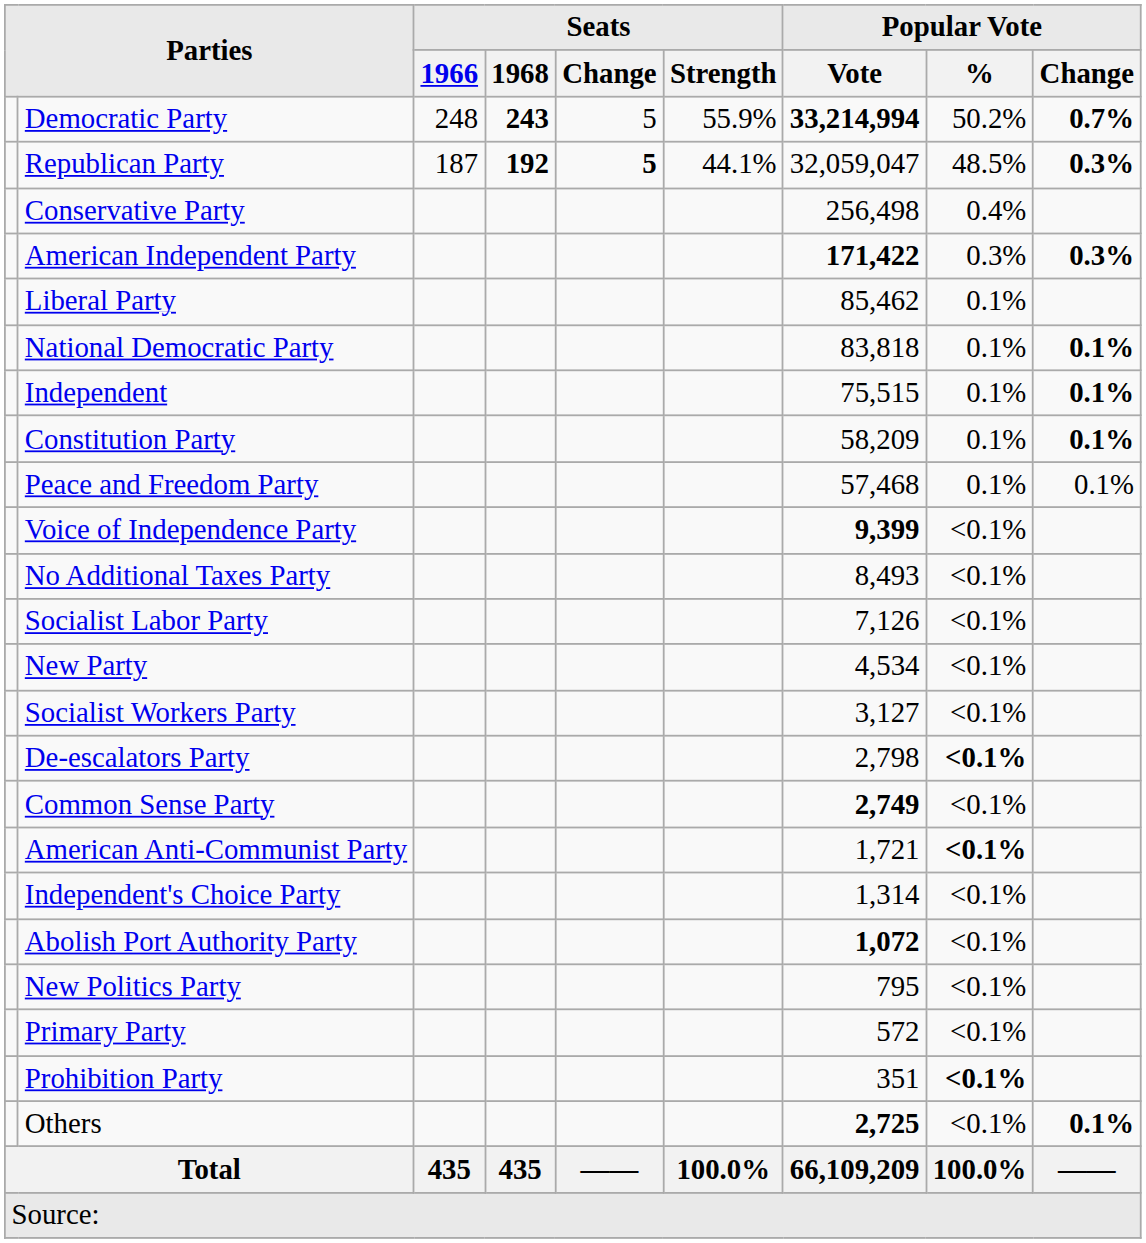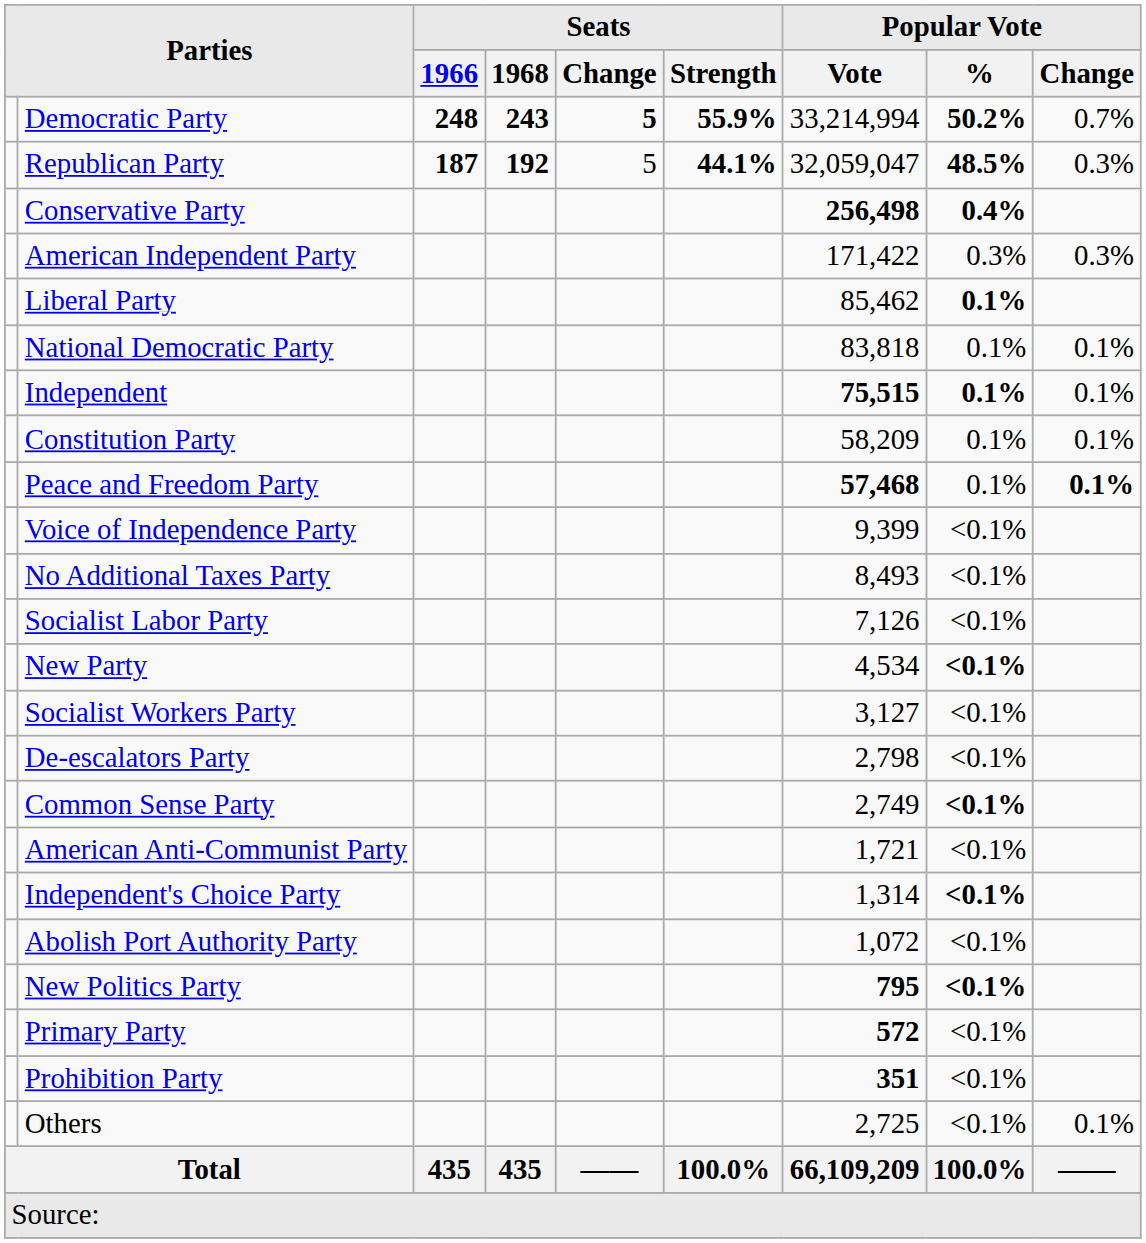 <table class=wikitable style=text-align:center">
 <tr>
 <th style="background-color:#E9E9E9" colspan=2 rowspan=2>Parties</th>
 <th style="background-color:#E9E9E9" colspan=4>Seats</th>
 <th style="background-color:#E9E9E9" colspan=3>Popular Vote</th>
 </tr>
 <tr>
 <th><a href='#'>1966</a></th>
 <th><strong>1968</strong></th>
 <th>Change</th>
 <th>Strength</th>
 <th>Vote</th>
 <th>%</th>
 <th>Change</th>
 </tr>
 <tr>
 <td></td>
 <td><a href='#'>Democratic Party</a></td>
-<td align=right>248</td>
+<td align=right><strong>248</strong></td>
 <td align=right><strong>243</strong></td>
-<td align=right> 5</td>
-<td align=right>55.9%</td>
-<td align=right><strong>33,214,994</strong></td>
-<td align=right>50.2%</td>
-<td align=right><strong> 0.7%</strong></td>
+<td align=right><strong> 5</strong></td>
+<td align=right><strong>55.9%</strong></td>
+<td align=right>33,214,994</td>
+<td align=right><strong>50.2%</strong></td>
+<td align=right> 0.7%</td>
 </tr>
 <tr>
 <td></td>
 <td><a href='#'>Republican Party</a></td>
-<td align=right>187</td>
+<td align=right><strong>187</strong></td>
 <td align=right><strong>192</strong></td>
-<td align=right><strong> 5</strong></td>
-<td align=right>44.1%</td>
+<td align=right> 5</td>
+<td align=right><strong>44.1%</strong></td>
 <td align=right>32,059,047</td>
-<td align=right>48.5%</td>
-<td align=right><strong> 0.3%</strong></td>
+<td align=right><strong>48.5%</strong></td>
+<td align=right> 0.3%</td>
 </tr>
 <tr>
 <td></td>
 <td><a href='#'>Conservative Party</a></td>
 <td align=right></td>
 <td align=right></td>
 <td align=right></td>
 <td align=right></td>
-<td align=right>256,498</td>
-<td align=right>0.4%</td>
+<td align=right><strong>256,498</strong></td>
+<td align=right><strong>0.4%</strong></td>
 <td align=right></td>
 </tr>
 <tr>
 <td></td>
 <td><a href='#'>American Independent Party</a></td>
 <td align=right></td>
 <td align=right></td>
 <td align=right></td>
 <td align=right></td>
-<td align=right><strong>171,422</strong></td>
+<td align=right>171,422</td>
 <td align=right>0.3%</td>
-<td align=right><strong> 0.3%</strong></td>
+<td align=right> 0.3%</td>
 </tr>
 <tr>
 <td></td>
 <td><a href='#'>Liberal Party</a></td>
 <td align=right></td>
 <td align=right></td>
 <td align=right></td>
 <td align=right></td>
 <td align=right>85,462</td>
-<td align=right>0.1%</td>
+<td align=right><strong>0.1%</strong></td>
 <td align=right></td>
 </tr>
 <tr>
 <td></td>
 <td><a href='#'>National Democratic Party</a></td>
 <td align=right></td>
 <td align=right></td>
 <td align=right></td>
 <td align=right></td>
 <td align=right>83,818</td>
 <td align=right>0.1%</td>
-<td align=right><strong> 0.1%</strong></td>
+<td align=right> 0.1%</td>
 </tr>
 <tr>
 <td></td>
 <td><a href='#'>Independent</a></td>
 <td align=right></td>
 <td align=right></td>
 <td align=right></td>
 <td align=right></td>
-<td align=right>75,515</td>
-<td align=right>0.1%</td>
-<td align=right><strong> 0.1%</strong></td>
+<td align=right><strong>75,515</strong></td>
+<td align=right><strong>0.1%</strong></td>
+<td align=right> 0.1%</td>
 </tr>
 <tr>
 <td></td>
 <td><a href='#'>Constitution Party</a></td>
 <td align=right></td>
 <td align=right></td>
 <td align=right></td>
 <td align=right></td>
 <td align=right>58,209</td>
 <td align=right>0.1%</td>
-<td align=right><strong> 0.1%</strong></td>
+<td align=right> 0.1%</td>
 </tr>
 <tr>
 <td></td>
 <td><a href='#'>Peace and Freedom Party</a></td>
 <td align=right></td>
 <td align=right></td>
 <td align=right></td>
 <td align=right></td>
-<td align=right>57,468</td>
+<td align=right><strong>57,468</strong></td>
 <td align=right>0.1%</td>
-<td align=right> 0.1%</td>
+<td align=right><strong> 0.1%</strong></td>
 </tr>
 <tr>
 <td></td>
 <td><a href='#'>Voice of Independence Party</a></td>
 <td align=right></td>
 <td align=right></td>
 <td align=right></td>
 <td align=right></td>
-<td align=right><strong>9,399</strong></td>
+<td align=right>9,399</td>
 <td align=right><0.1%</td>
 <td align=right></td>
 </tr>
 <tr>
 <td></td>
 <td><a href='#'>No Additional Taxes Party</a></td>
 <td align=right></td>
 <td align=right></td>
 <td align=right></td>
 <td align=right></td>
 <td align=right>8,493</td>
 <td align=right><0.1%</td>
 <td align=right></td>
 </tr>
 <tr>
 <td></td>
 <td><a href='#'>Socialist Labor Party</a></td>
 <td align=right></td>
 <td align=right></td>
 <td align=right></td>
 <td align=right></td>
 <td align=right>7,126</td>
 <td align=right><0.1%</td>
 <td align=right></td>
 </tr>
 <tr>
 <td></td>
 <td><a href='#'>New Party</a></td>
 <td align=right></td>
 <td align=right></td>
 <td align=right></td>
 <td align=right></td>
 <td align=right>4,534</td>
-<td align=right><0.1%</td>
+<td align=right><strong><0.1%</strong></td>
 <td align=right></td>
 </tr>
 <tr>
 <td></td>
 <td><a href='#'>Socialist Workers Party</a></td>
 <td align=right></td>
 <td align=right></td>
 <td align=right></td>
 <td align=right></td>
 <td align=right>3,127</td>
 <td align=right><0.1%</td>
 <td align=right></td>
 </tr>
 <tr>
 <td></td>
 <td><a href='#'>De-escalators Party</a></td>
 <td align=right></td>
 <td align=right></td>
 <td align=right></td>
 <td align=right></td>
 <td align=right>2,798</td>
-<td align=right><strong><0.1%</strong></td>
+<td align=right><0.1%</td>
 <td align=right></td>
 </tr>
 <tr>
 <td></td>
 <td><a href='#'>Common Sense Party</a></td>
 <td align=right></td>
 <td align=right></td>
 <td align=right></td>
 <td align=right></td>
-<td align=right><strong>2,749</strong></td>
-<td align=right><0.1%</td>
+<td align=right>2,749</td>
+<td align=right><strong><0.1%</strong></td>
 <td align=right></td>
 </tr>
 <tr>
 <td></td>
 <td><a href='#'>American Anti-Communist Party</a></td>
 <td align=right></td>
 <td align=right></td>
 <td align=right></td>
 <td align=right></td>
 <td align=right>1,721</td>
-<td align=right><strong><0.1%</strong></td>
+<td align=right><0.1%</td>
 <td align=right></td>
 </tr>
 <tr>
 <td></td>
 <td><a href='#'>Independent's Choice Party</a></td>
 <td align=right></td>
 <td align=right></td>
 <td align=right></td>
 <td align=right></td>
 <td align=right>1,314</td>
-<td align=right><0.1%</td>
+<td align=right><strong><0.1%</strong></td>
 <td align=right></td>
 </tr>
 <tr>
 <td></td>
 <td><a href='#'>Abolish Port Authority Party</a></td>
 <td align=right></td>
 <td align=right></td>
 <td align=right></td>
 <td align=right></td>
-<td align=right><strong>1,072</strong></td>
+<td align=right>1,072</td>
 <td align=right><0.1%</td>
 <td align=right></td>
 </tr>
 <tr>
 <td></td>
 <td><a href='#'>New Politics Party</a></td>
 <td align=right></td>
 <td align=right></td>
 <td align=right></td>
 <td align=right></td>
-<td align=right>795</td>
-<td align=right><0.1%</td>
+<td align=right><strong>795</strong></td>
+<td align=right><strong><0.1%</strong></td>
 <td align=right></td>
 </tr>
 <tr>
 <td></td>
 <td><a href='#'>Primary Party</a></td>
 <td align=right></td>
 <td align=right></td>
 <td align=right></td>
 <td align=right></td>
-<td align=right>572</td>
+<td align=right><strong>572</strong></td>
 <td align=right><0.1%</td>
 <td align=right></td>
 </tr>
 <tr>
 <td></td>
 <td><a href='#'>Prohibition Party</a></td>
 <td align=right></td>
 <td align=right></td>
 <td align=right></td>
 <td align=right></td>
-<td align=right>351</td>
-<td align=right><strong><0.1%</strong></td>
+<td align=right><strong>351</strong></td>
+<td align=right><0.1%</td>
 <td align=right></td>
 </tr>
 <tr>
 <td></td>
 <td>Others</td>
 <td align=right></td>
 <td align=right></td>
 <td align=right></td>
 <td align=right></td>
-<td align=right><strong>2,725</strong></td>
+<td align=right>2,725</td>
 <td align=right><0.1%</td>
-<td align=right><strong> 0.1%</strong></td>
+<td align=right> 0.1%</td>
 </tr>
 <tr>
 <th colspan=2 width=100>Total</th>
 <th>435</th>
 <th>435</th>
 <th>——</th>
 <th>100.0%</th>
 <th>66,109,209</th>
 <th>100.0%</th>
 <th>——</th>
 </tr>
 <tr bgcolor=E9E9E9>
 <td colspan=9>Source: </td>
 </tr>
 </table>
